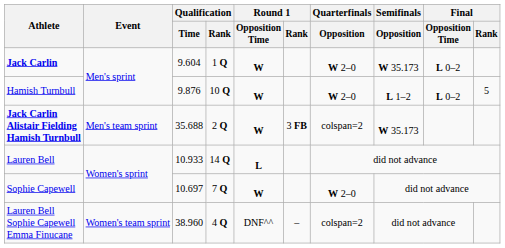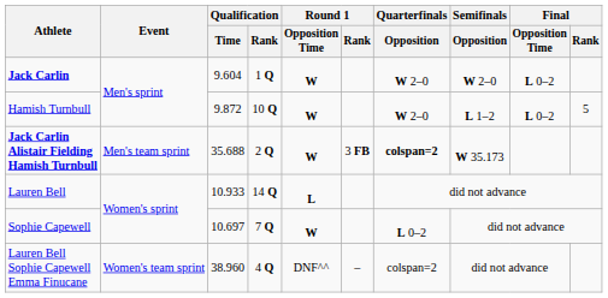 <table class="wikitable" style="font-size:90%;">
 <tr>
 <th rowspan=2>Athlete</th>
 <th rowspan=2>Event</th>
 <th colspan=2>Qualification</th>
 <th colspan=2>Round 1</th>
 <th>Quarterfinals</th>
 <th>Semifinals</th>
 <th colspan=2>Final</th>
 </tr>
 <tr style="font-size:95%">
 <th>Time</th>
 <th>Rank</th>
 <th>Opposition<br>Time</th>
 <th>Rank</th>
 <th>Opposition</th>
 <th>Opposition</th>
 <th>Opposition<br>Time</th>
 <th>Rank</th>
 </tr>
 <tr align=center>
 <td align=left><strong><a href='#'>Jack Carlin</a></strong></td>
 <td align=left rowspan=2><a href='#'>Men's sprint</a></td>
 <td>9.604</td>
 <td>1 <strong>Q</strong></td>
 <td><br><strong>W</strong></td>
 <td></td>
 <td><br><strong>W</strong> 2–0</td>
-<td><br><strong>W</strong> 35.173</td>
+<td><br><strong>W</strong> 2–0</td>
 <td><br><strong>L</strong> 0–2</td>
 <td></td>
 </tr>
 <tr align=center>
 <td align=left><a href='#'>Hamish Turnbull</a></td>
-<td>9.876</td>
+<td>9.872</td>
 <td>10 <strong>Q</strong></td>
 <td><br><strong>W</strong></td>
 <td></td>
 <td><br><strong>W</strong> 2–0</td>
 <td><br><strong>L</strong> 1–2</td>
 <td><br><strong>L</strong> 0–2</td>
 <td>5</td>
 </tr>
 <tr align=center>
 <td align=left><strong><a href='#'>Jack Carlin</a><br><a href='#'>Alistair Fielding</a><br><a href='#'>Hamish Turnbull</a></strong></td>
 <td align=left><a href='#'>Men's team sprint</a></td>
 <td>35.688</td>
 <td>2 <strong>Q</strong></td>
 <td><br><strong>W</strong></td>
 <td>3 <strong>FB</strong></td>
-<td>colspan=2 </td>
+<td><strong>colspan=2 </strong></td>
 <td><br><strong>W</strong> 35.173</td>
 <td></td>
 </tr>
 <tr align=center>
 <td align=left><a href='#'>Lauren Bell</a></td>
 <td align=left rowspan=2><a href='#'>Women's sprint</a></td>
 <td>10.933</td>
 <td>14 <strong>Q</strong></td>
 <td><br><strong>L</strong></td>
 <td></td>
 <td colspan=4>did not advance</td>
 </tr>
 <tr align=center>
 <td align=left><a href='#'>Sophie Capewell</a></td>
 <td>10.697</td>
 <td>7 <strong>Q</strong></td>
 <td><br><strong>W</strong></td>
 <td></td>
-<td><br><strong>W</strong> 2–0</td>
+<td><br><strong>L</strong> 0–2</td>
 <td colspan=3>did not advance</td>
 </tr>
 <tr align=center>
 <td align=left><a href='#'>Lauren Bell</a><br><a href='#'>Sophie Capewell</a><br><a href='#'>Emma Finucane</a></td>
 <td align=left><a href='#'>Women's team sprint</a></td>
 <td>38.960</td>
 <td>4 <strong>Q</strong></td>
 <td>DNF^^</td>
 <td>–</td>
 <td>colspan=2 </td>
 <td colspan=2>did not advance</td>
 </tr>
 </table>
